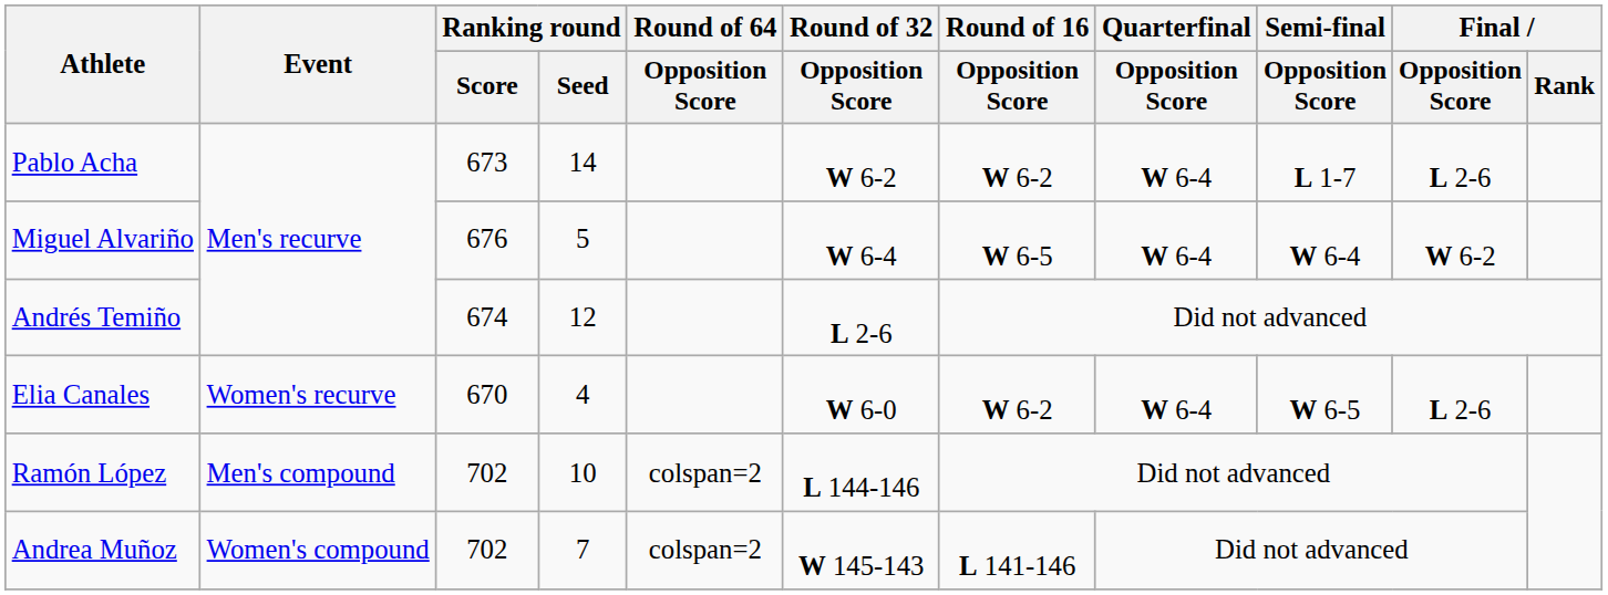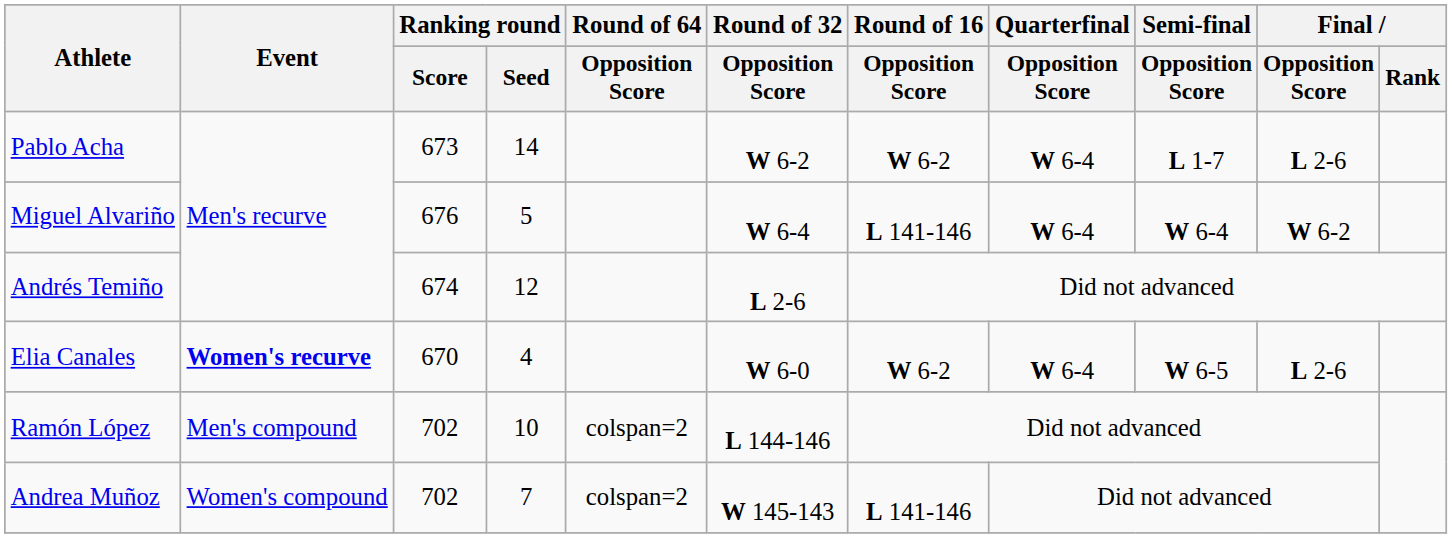 <table class=wikitable style=font-size:90%;text-align:center>
 <tr>
 <th rowspan=2>Athlete</th>
 <th rowspan=2>Event</th>
 <th colspan=2>Ranking round</th>
 <th>Round of 64</th>
 <th>Round of 32</th>
 <th>Round of 16</th>
 <th>Quarterfinal</th>
 <th>Semi-final</th>
 <th colspan=2>Final / </th>
 </tr>
 <tr style=font-size:95%>
 <th>Score</th>
 <th>Seed</th>
 <th>Opposition<br>Score</th>
 <th>Opposition<br>Score</th>
 <th>Opposition<br>Score</th>
 <th>Opposition<br>Score</th>
 <th>Opposition<br>Score</th>
 <th>Opposition<br>Score</th>
 <th>Rank</th>
 </tr>
 <tr>
 <td align=left><a href='#'>Pablo Acha</a></td>
 <td align=left rowspan=3><a href='#'>Men's recurve</a></td>
 <td>673</td>
 <td>14</td>
 <td></td>
 <td><br><strong>W</strong> 6-2</td>
 <td><br><strong>W</strong> 6-2</td>
 <td><br> <strong>W</strong> 6-4</td>
 <td><br> <strong>L</strong> 1-7</td>
 <td><br><strong>L</strong> 2-6</td>
 <td></td>
 </tr>
 <tr>
 <td align=left><a href='#'>Miguel Alvariño</a></td>
 <td>676</td>
 <td>5</td>
 <td></td>
 <td><br><strong>W</strong> 6-4</td>
-<td><br> <strong>W</strong> 6-5</td>
+<td><br><strong>L</strong> 141-146</td>
 <td><br> <strong>W</strong> 6-4</td>
 <td><br> <strong>W</strong> 6-4</td>
 <td><br> <strong>W</strong> 6-2</td>
 <td></td>
 </tr>
 <tr>
 <td align=left><a href='#'>Andrés Temiño</a></td>
 <td>674</td>
 <td>12</td>
 <td></td>
 <td><br><strong>L</strong> 2-6</td>
 <td colspan=5>Did not advanced</td>
 </tr>
 <tr>
 <td align=left><a href='#'>Elia Canales</a></td>
-<td align=left><a href='#'>Women's recurve</a></td>
+<td align=left><strong><a href='#'>Women's recurve</a></strong></td>
 <td>670</td>
 <td>4</td>
 <td></td>
 <td><br><strong>W</strong> 6-0</td>
 <td><br><strong>W</strong> 6-2</td>
 <td><br><strong>W</strong> 6-4</td>
 <td><br><strong>W</strong> 6-5</td>
 <td><br><strong>L</strong> 2-6</td>
 <td></td>
 </tr>
 <tr>
 <td align=left><a href='#'>Ramón López</a></td>
 <td align=left><a href='#'>Men's compound</a></td>
 <td>702</td>
 <td>10</td>
 <td>colspan=2 </td>
 <td><br><strong>L</strong> 144-146</td>
 <td colspan=4>Did not advanced</td>
 </tr>
 <tr>
 <td align=left><a href='#'>Andrea Muñoz</a></td>
 <td align=left><a href='#'>Women's compound</a></td>
 <td>702</td>
 <td>7</td>
 <td>colspan=2 </td>
 <td><br><strong>W</strong> 145-143</td>
 <td><br><strong>L</strong> 141-146</td>
 <td colspan=3>Did not advanced</td>
 </tr>
 </table>
